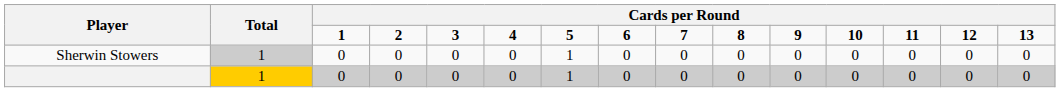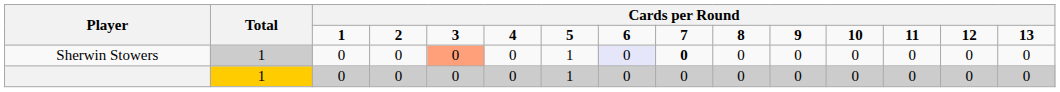 <table class="wikitable" style="text-align:center; line-height: 90%; font-size:90%;" width=80%>
 <tr>
 <th rowspan=2 width=18%>Player</th>
 <th rowspan=2 width=9%>Total</th>
 <th colspan=13>Cards per Round</th>
 </tr>
 <tr>
 <td width=5%><strong>1</strong></td>
 <td width=5%><strong>2</strong></td>
 <td width=5%><strong>3</strong></td>
 <td width=5%><strong>4</strong></td>
 <td width=5%><strong>5</strong></td>
 <td width=5%><strong>6</strong></td>
 <td width=5%><strong>7</strong></td>
 <td width=5%><strong>8</strong></td>
 <td width=5%><strong>9</strong></td>
 <td width=5%><strong>10</strong></td>
 <td width=5%><strong>11</strong></td>
 <td width=5%><strong>12</strong></td>
 <td width=5%><strong>13</strong></td>
 </tr>
 <tr>
 <td>Sherwin Stowers</td>
 <td bgcolor=#cccccc>1</td>
 <td>0</td>
 <td>0</td>
-<td>0</td>
+<td style="background: lightsalmon;">0</td>
 <td>0</td>
 <td>1</td>
-<td>0</td>
-<td>0</td>
+<td style="background: lavender;">0</td>
+<td><strong>0</strong></td>
 <td>0</td>
 <td>0</td>
 <td>0</td>
 <td>0</td>
 <td>0</td>
 <td>0</td>
 </tr>
 <tr>
 <th></th>
 <td bgcolor=#ffcc00>1</td>
 <td bgcolor=#cccccc>0</td>
 <td bgcolor=#cccccc>0</td>
 <td bgcolor=#cccccc>0</td>
 <td bgcolor=#cccccc>0</td>
 <td bgcolor=#cccccc>1</td>
 <td bgcolor=#cccccc>0</td>
 <td bgcolor=#cccccc>0</td>
 <td bgcolor=#cccccc>0</td>
 <td bgcolor=#cccccc>0</td>
 <td bgcolor=#cccccc>0</td>
 <td bgcolor=#cccccc>0</td>
 <td bgcolor=#cccccc>0</td>
 <td bgcolor=#cccccc>0</td>
 </tr>
 </table>
